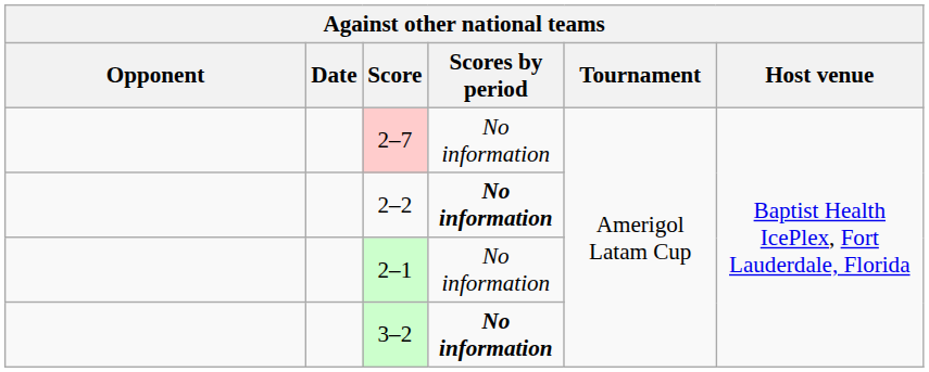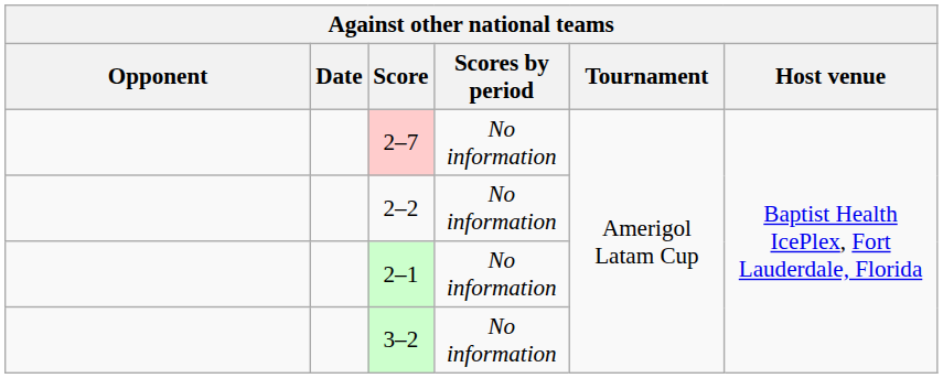 <table class="wikitable" style="font-size:95%; text-align:center">
 <tr>
 <th colspan="6">Against other national teams</th>
 </tr>
 <tr>
 <th width=192>Opponent</th>
 <th>Date</th>
 <th>Score</th>
 <th>Scores by period</th>
 <th>Tournament</th>
 <th>Host venue</th>
 </tr>
 <tr>
 <td align=left></td>
 <td class="nowrap"></td>
 <td bgcolor="#ffcccc">2–7 </td>
 <td class="nowrap"><em>No information</em></td>
 <td rowspan="4">Amerigol Latam Cup</td>
 <td rowspan="4"><a href='#'>Baptist Health IcePlex</a>, <a href='#'>Fort Lauderdale, Florida</a></td>
 </tr>
 <tr>
 <td align=left></td>
 <td class="nowrap"></td>
 <td>2–2 </td>
-<td class="nowrap"><strong><em>No information</em></strong></td>
+<td class="nowrap"><em>No information</em></td>
 </tr>
 <tr>
 <td align=left></td>
 <td class="nowrap"></td>
 <td bgcolor="#ccffcc">2–1 </td>
 <td class="nowrap"><em>No information</em></td>
 </tr>
 <tr>
 <td align=left></td>
 <td class="nowrap"></td>
 <td bgcolor="#ccffcc">3–2 </td>
-<td class="nowrap"><strong><em>No information</em></strong></td>
+<td class="nowrap"><em>No information</em></td>
 </tr>
 </table>
